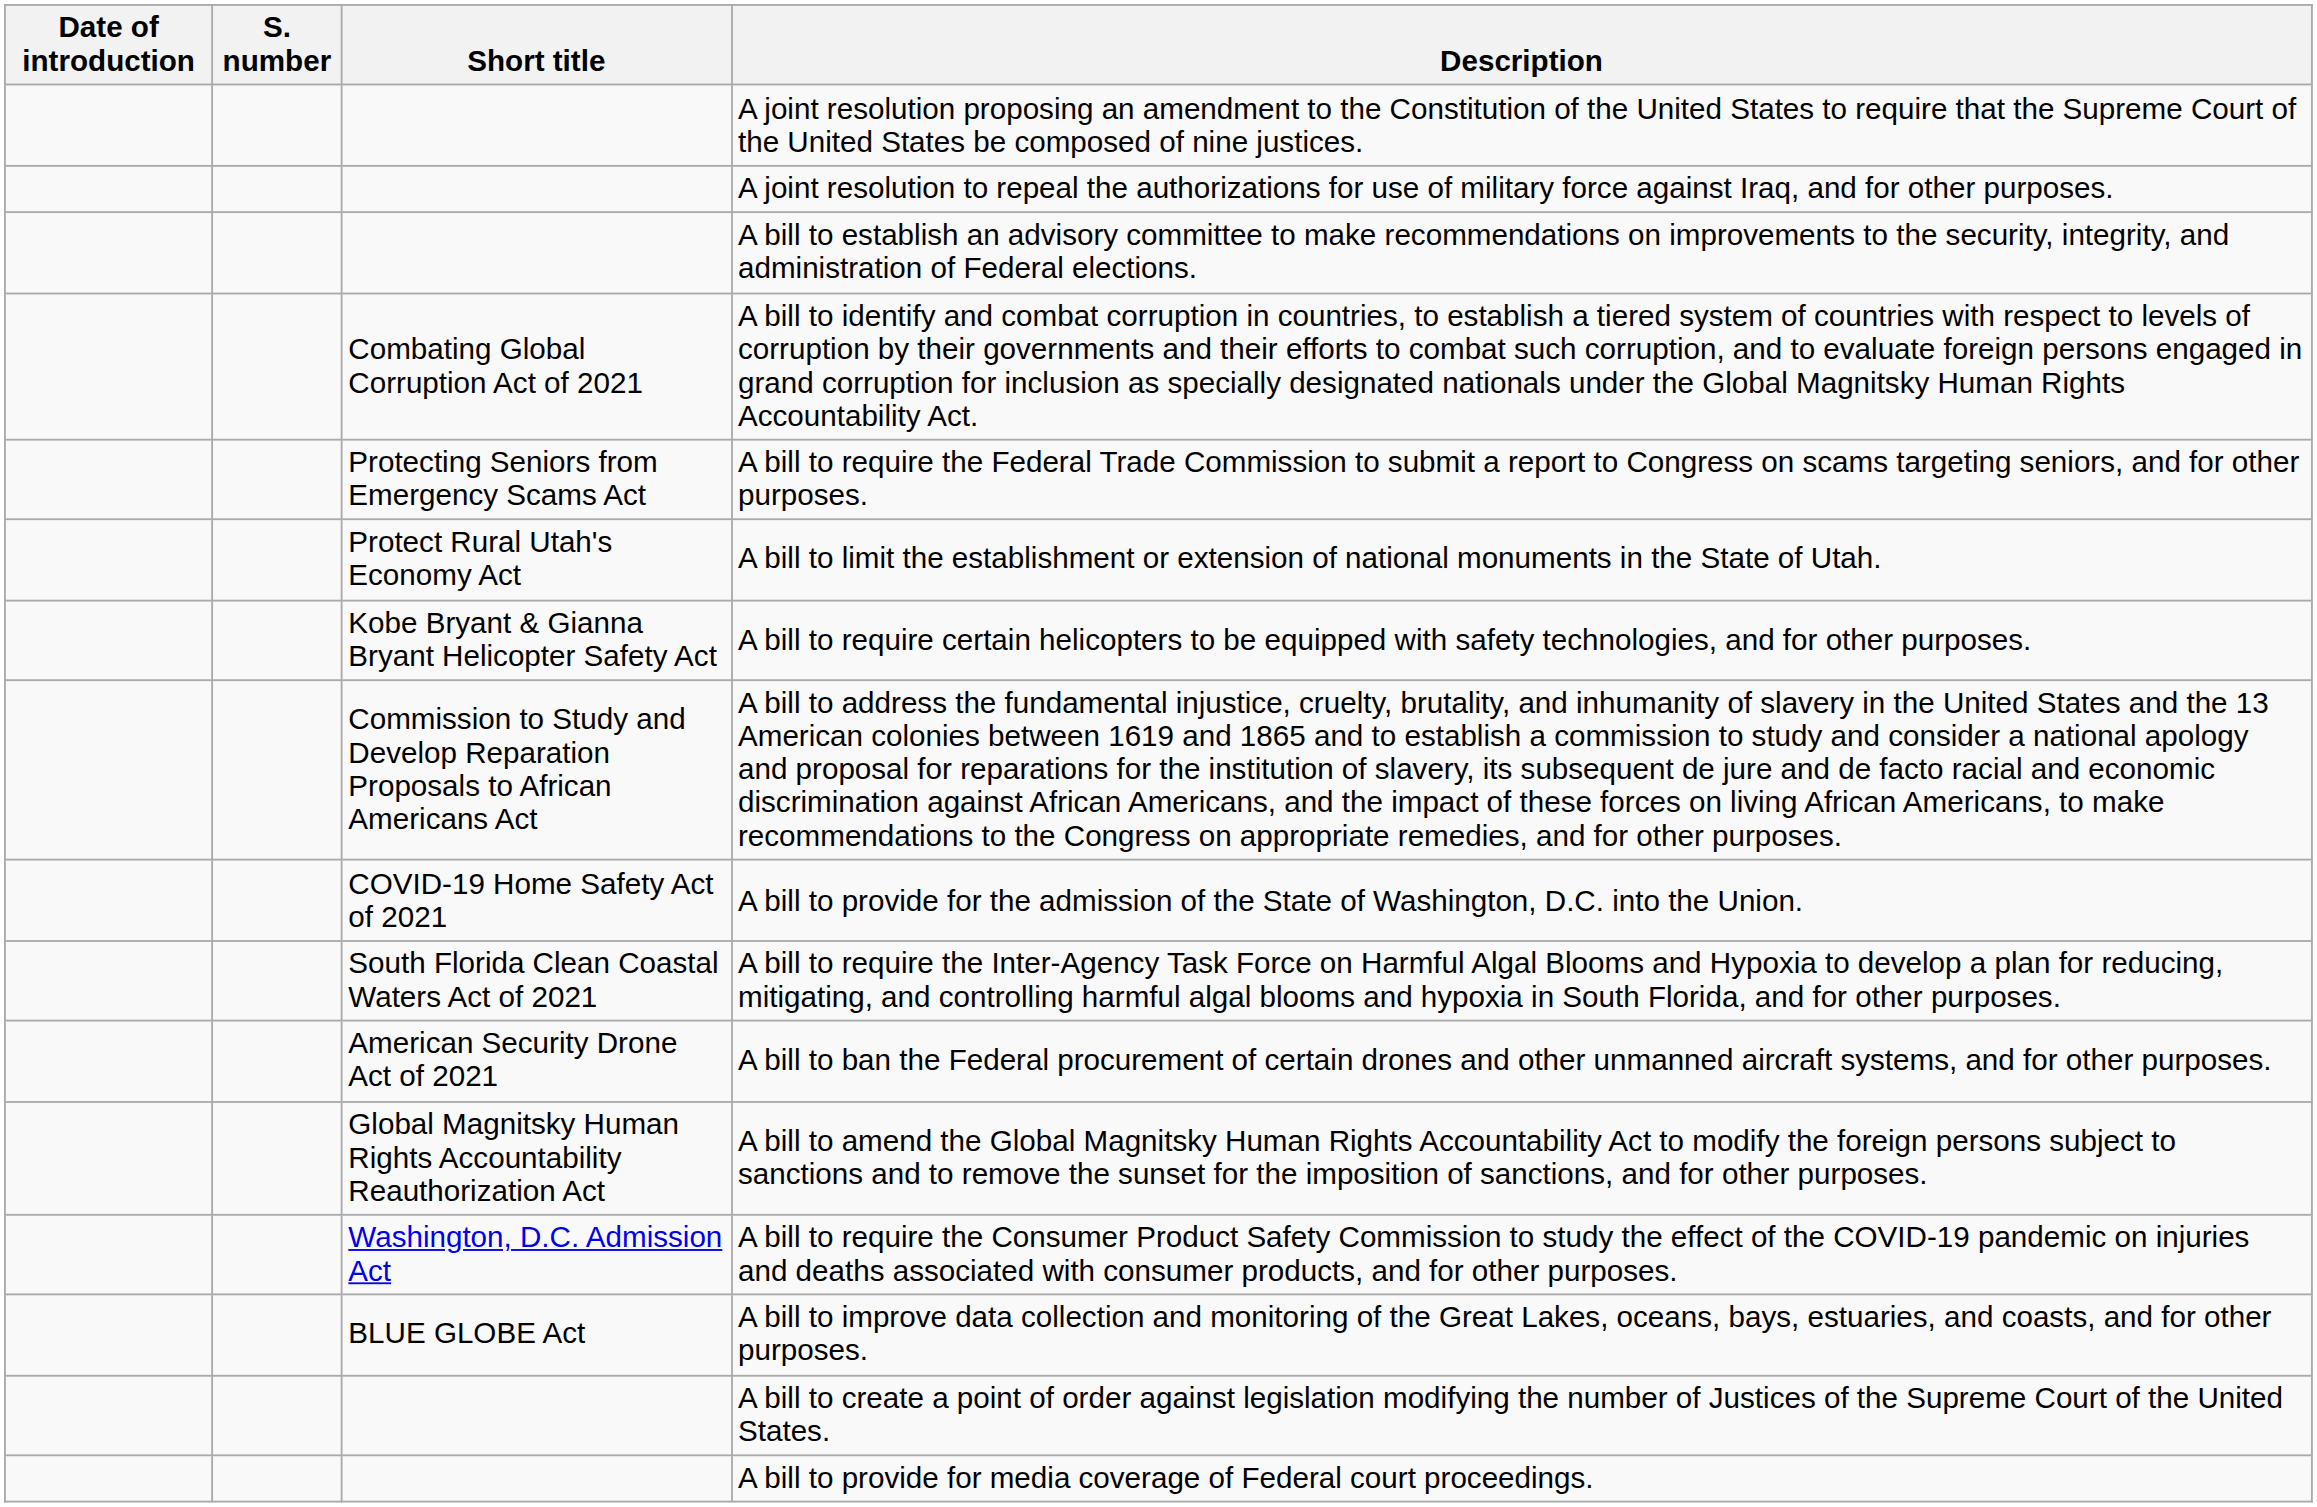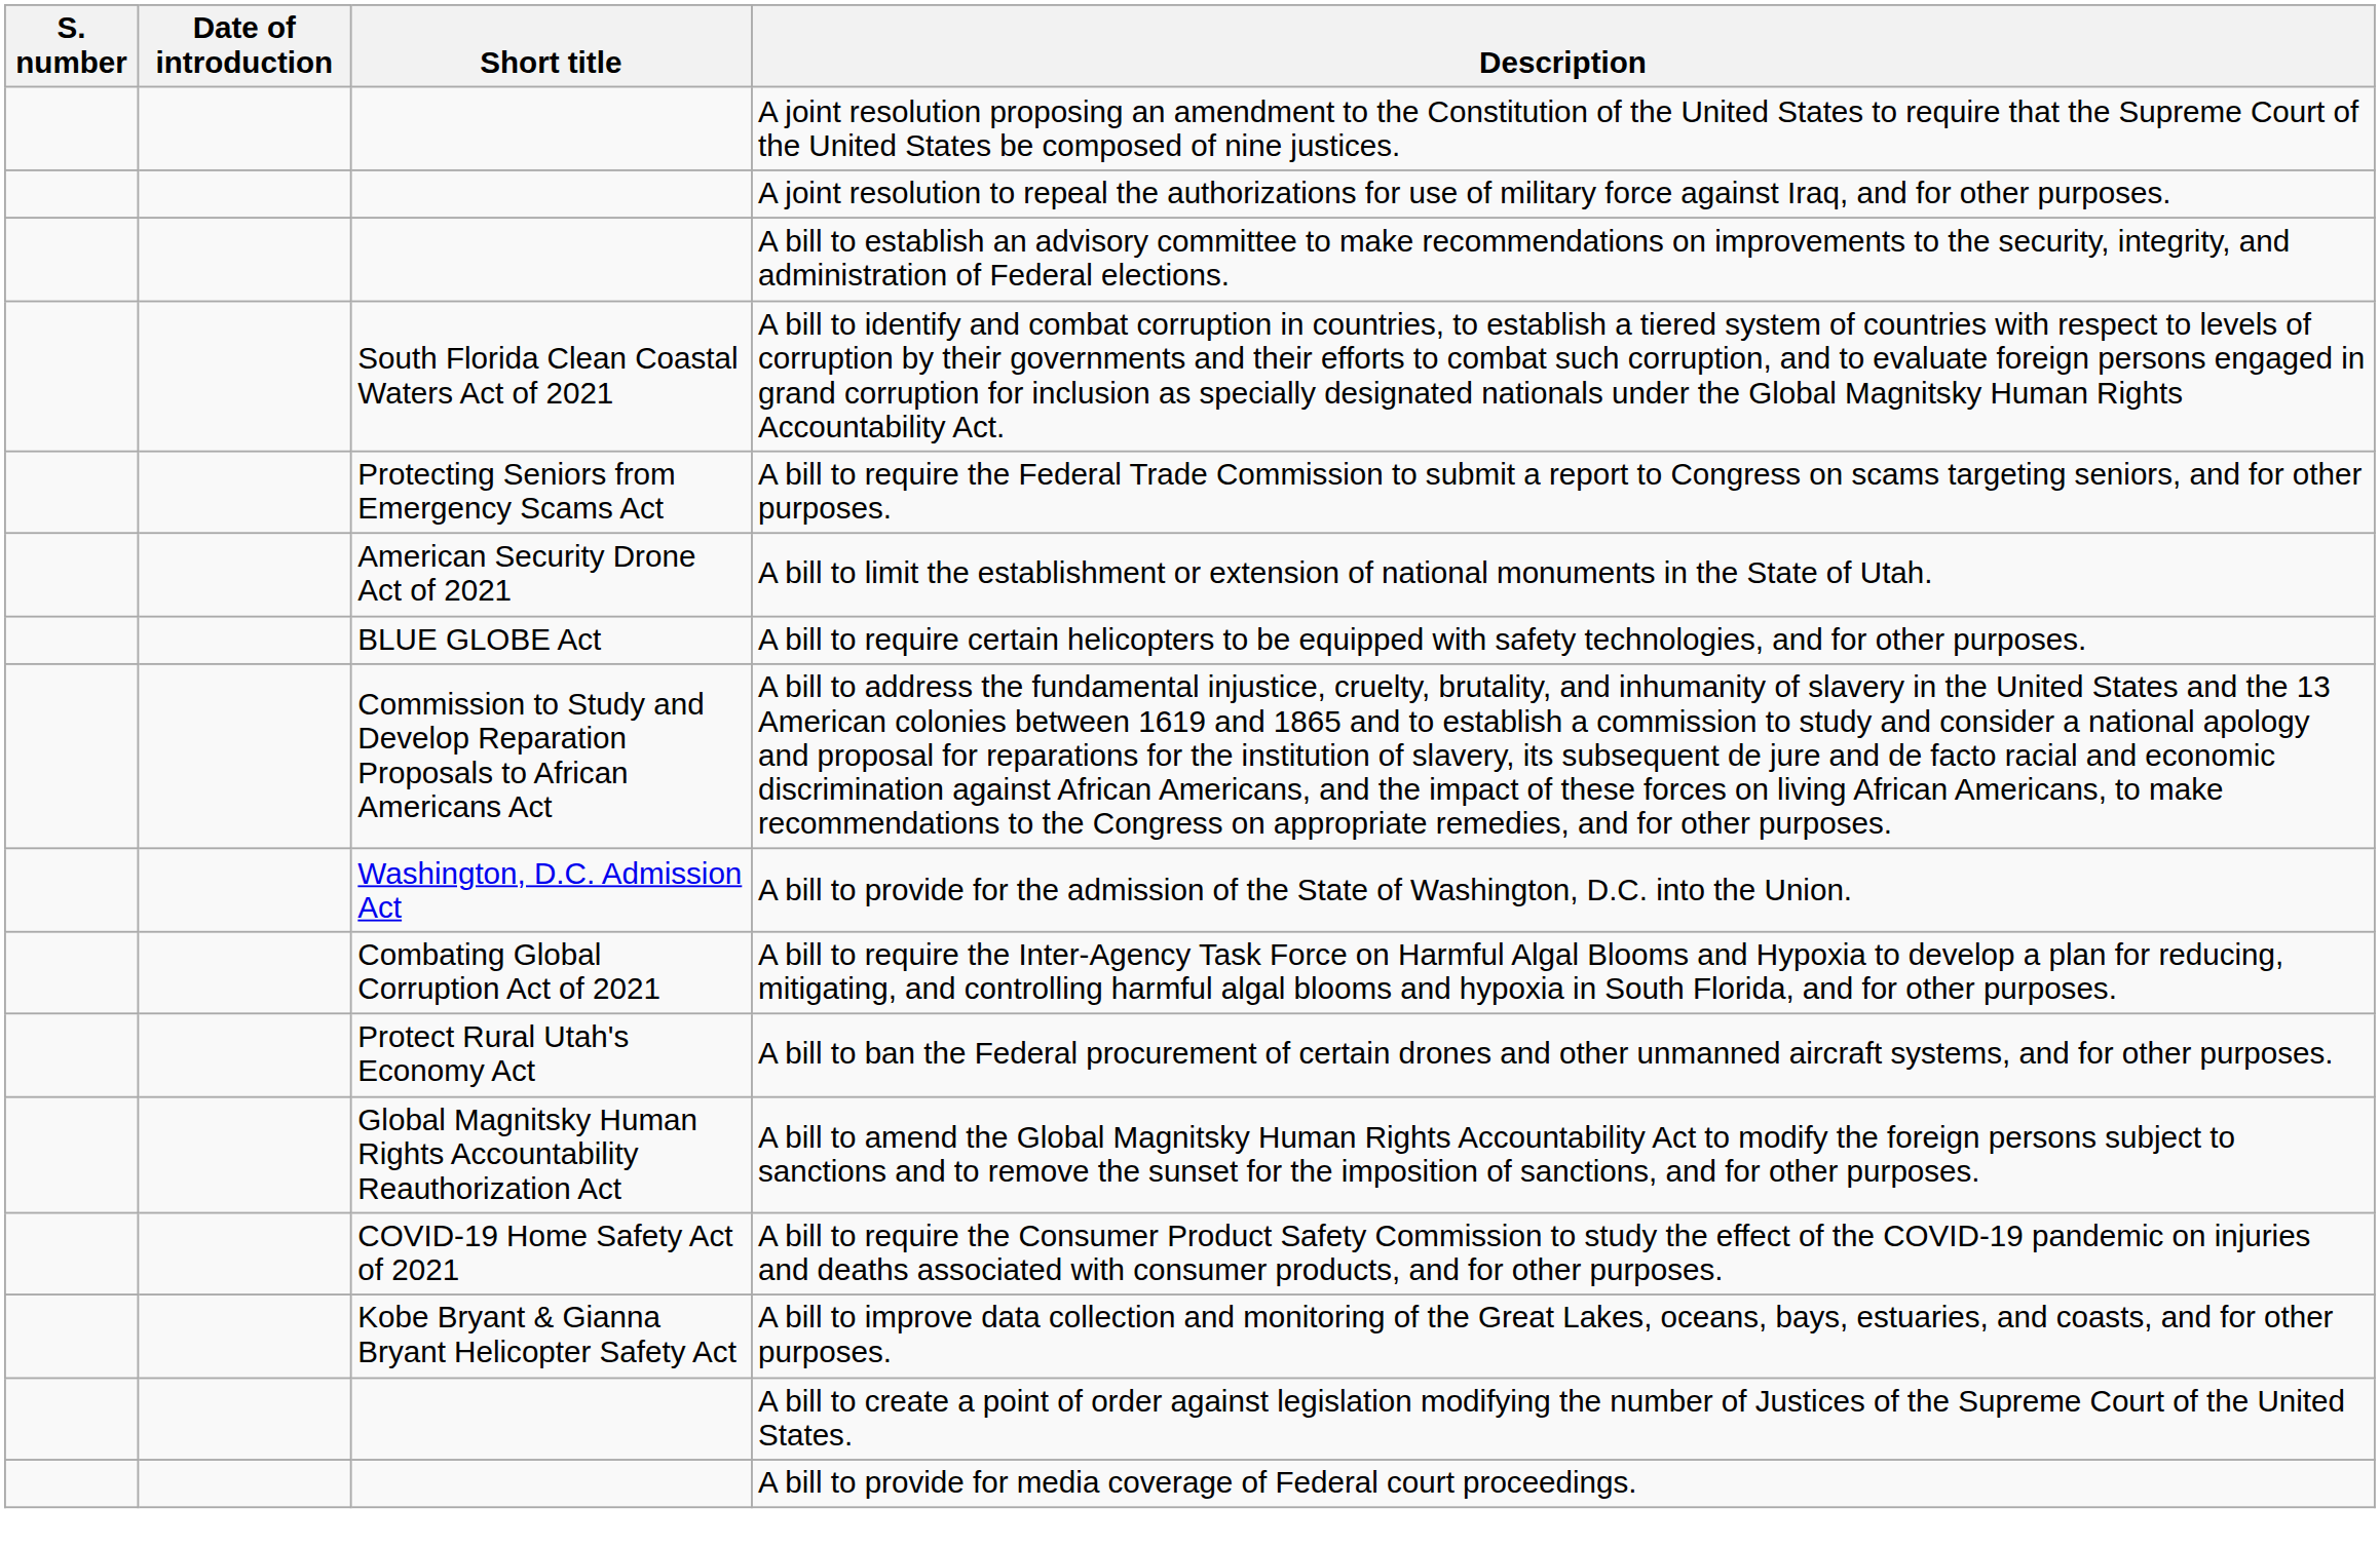 <table class="wikitable">
 <tr valign="bottom">
+<th>S. number</th>
 <th>Date of introduction</th>
-<th>S. number</th>
 <th>Short title</th>
 <th>Description</th>
 </tr>
 <tr>
 <td></td>
 <td></td>
 <td></td>
 <td>A joint resolution proposing an amendment to the Constitution of the United States to require that the Supreme Court of the United States be composed of nine justices.</td>
 </tr>
 <tr>
 <td></td>
 <td></td>
 <td></td>
 <td>A joint resolution to repeal the authorizations for use of military force against Iraq, and for other purposes.</td>
 </tr>
 <tr>
 <td></td>
 <td></td>
 <td></td>
 <td>A bill to establish an advisory committee to make recommendations on improvements to the security, integrity, and administration of Federal elections.</td>
 </tr>
 <tr>
 <td></td>
 <td></td>
-<td>Combating Global Corruption Act of 2021</td>
+<td>South Florida Clean Coastal Waters Act of 2021</td>
 <td>A bill to identify and combat corruption in countries, to establish a tiered system of countries with respect to levels of corruption by their governments and their efforts to combat such corruption, and to evaluate foreign persons engaged in grand corruption for inclusion as specially designated nationals under the Global Magnitsky Human Rights Accountability Act.</td>
 </tr>
 <tr>
 <td></td>
 <td></td>
 <td>Protecting Seniors from Emergency Scams Act</td>
 <td>A bill to require the Federal Trade Commission to submit a report to Congress on scams targeting seniors, and for other purposes.</td>
 </tr>
 <tr>
 <td></td>
 <td></td>
-<td>Protect Rural Utah's Economy Act</td>
+<td>American Security Drone Act of 2021</td>
 <td>A bill to limit the establishment or extension of national monuments in the State of Utah.</td>
 </tr>
 <tr>
 <td></td>
 <td></td>
-<td>Kobe Bryant & Gianna Bryant Helicopter Safety Act</td>
+<td>BLUE GLOBE Act</td>
 <td>A bill to require certain helicopters to be equipped with safety technologies, and for other purposes.</td>
 </tr>
 <tr>
 <td></td>
 <td></td>
 <td>Commission to Study and Develop Reparation Proposals to African Americans Act</td>
 <td>A bill to address the fundamental injustice, cruelty, brutality, and inhumanity of slavery in the United States and the 13 American colonies between 1619 and 1865 and to establish a commission to study and consider a national apology and proposal for reparations for the institution of slavery, its subsequent de jure and de facto racial and economic discrimination against African Americans, and the impact of these forces on living African Americans, to make recommendations to the Congress on appropriate remedies, and for other purposes.</td>
 </tr>
 <tr>
 <td></td>
 <td></td>
-<td>COVID-19 Home Safety Act of 2021</td>
+<td><a href='#'>Washington, D.C. Admission Act</a></td>
 <td>A bill to provide for the admission of the State of Washington, D.C. into the Union.</td>
 </tr>
 <tr>
 <td></td>
 <td></td>
-<td>South Florida Clean Coastal Waters Act of 2021</td>
+<td>Combating Global Corruption Act of 2021</td>
 <td>A bill to require the Inter-Agency Task Force on Harmful Algal Blooms and Hypoxia to develop a plan for reducing, mitigating, and controlling harmful algal blooms and hypoxia in South Florida, and for other purposes.</td>
 </tr>
 <tr>
 <td></td>
 <td></td>
-<td>American Security Drone Act of 2021</td>
+<td>Protect Rural Utah's Economy Act</td>
 <td>A bill to ban the Federal procurement of certain drones and other unmanned aircraft systems, and for other purposes.</td>
 </tr>
 <tr>
 <td></td>
 <td></td>
 <td>Global Magnitsky Human Rights Accountability Reauthorization Act</td>
 <td>A bill to amend the Global Magnitsky Human Rights Accountability Act to modify the foreign persons subject to sanctions and to remove the sunset for the imposition of sanctions, and for other purposes.</td>
 </tr>
 <tr>
 <td></td>
 <td></td>
-<td><a href='#'>Washington, D.C. Admission Act</a></td>
+<td>COVID-19 Home Safety Act of 2021</td>
 <td>A bill to require the Consumer Product Safety Commission to study the effect of the COVID-19 pandemic on injuries and deaths associated with consumer products, and for other purposes.</td>
 </tr>
 <tr>
 <td></td>
 <td></td>
-<td>BLUE GLOBE Act</td>
+<td>Kobe Bryant & Gianna Bryant Helicopter Safety Act</td>
 <td>A bill to improve data collection and monitoring of the Great Lakes, oceans, bays, estuaries, and coasts, and for other purposes.</td>
 </tr>
 <tr>
 <td></td>
 <td></td>
 <td></td>
 <td>A bill to create a point of order against legislation modifying the number of Justices of the Supreme Court of the United States.</td>
 </tr>
 <tr>
 <td></td>
 <td></td>
 <td></td>
 <td>A bill to provide for media coverage of Federal court proceedings.</td>
 </tr>
 </table>
